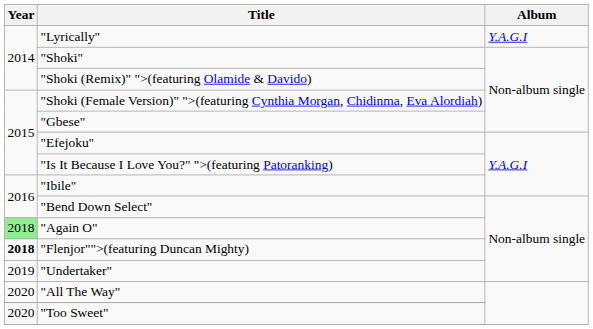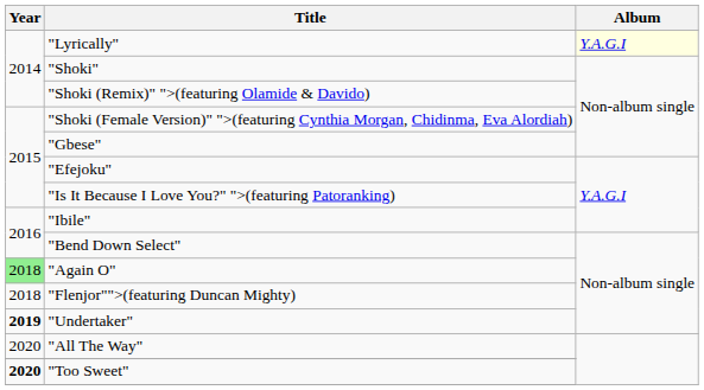 <table class="wikitable">
 <tr>
 <th>Year</th>
 <th>Title</th>
 <th>Album</th>
 </tr>
 <tr>
 <td rowspan="3">2014</td>
 <td>"Lyrically"</td>
-<td><em><a href='#'>Y.A.G.I</a></em></td>
+<td style="background: lightyellow;"><em><a href='#'>Y.A.G.I</a></em></td>
 </tr>
 <tr>
 <td>"Shoki"</td>
 <td rowspan="4">Non-album single</td>
 </tr>
 <tr>
 <td>"Shoki (Remix)" <span>">(featuring <a href='#'>Olamide</a> & <a href='#'>Davido</a>)</span></td>
 </tr>
 <tr>
 <td rowspan="4">2015</td>
 <td>"Shoki (Female Version)" <span>">(featuring <a href='#'>Cynthia Morgan</a>, <a href='#'>Chidinma</a>, <a href='#'>Eva Alordiah</a>)</span></td>
 </tr>
 <tr>
 <td>"Gbese"</td>
 </tr>
 <tr>
 <td>"Efejoku"</td>
 <td rowspan="3"><em><a href='#'>Y.A.G.I</a></em></td>
 </tr>
 <tr>
 <td>"Is It Because I Love You?" <span>">(featuring <a href='#'>Patoranking</a>)</span></td>
 </tr>
 <tr>
 <td rowspan="2">2016</td>
 <td>"Ibile"</td>
 </tr>
 <tr>
 <td>"Bend Down Select"</td>
 <td rowspan="4">Non-album single</td>
 </tr>
 <tr>
 <td style="background: lightgreen;">2018</td>
 <td>"Again O"</td>
 </tr>
 <tr>
-<td><strong>2018</strong></td>
+<td>2018</td>
 <td>"Flenjor"<span>">(featuring Duncan Mighty)</span></td>
 </tr>
 <tr>
-<td>2019</td>
+<td><strong>2019</strong></td>
 <td>"Undertaker"</td>
 </tr>
 <tr>
 <td>2020</td>
 <td>"All The Way"</td>
 </tr>
 <tr>
 </tr>
 <tr>
-<td>2020</td>
+<td><strong>2020</strong></td>
 <td>"Too Sweet"</td>
 </tr>
 <tr>
 </tr>
 </table>
